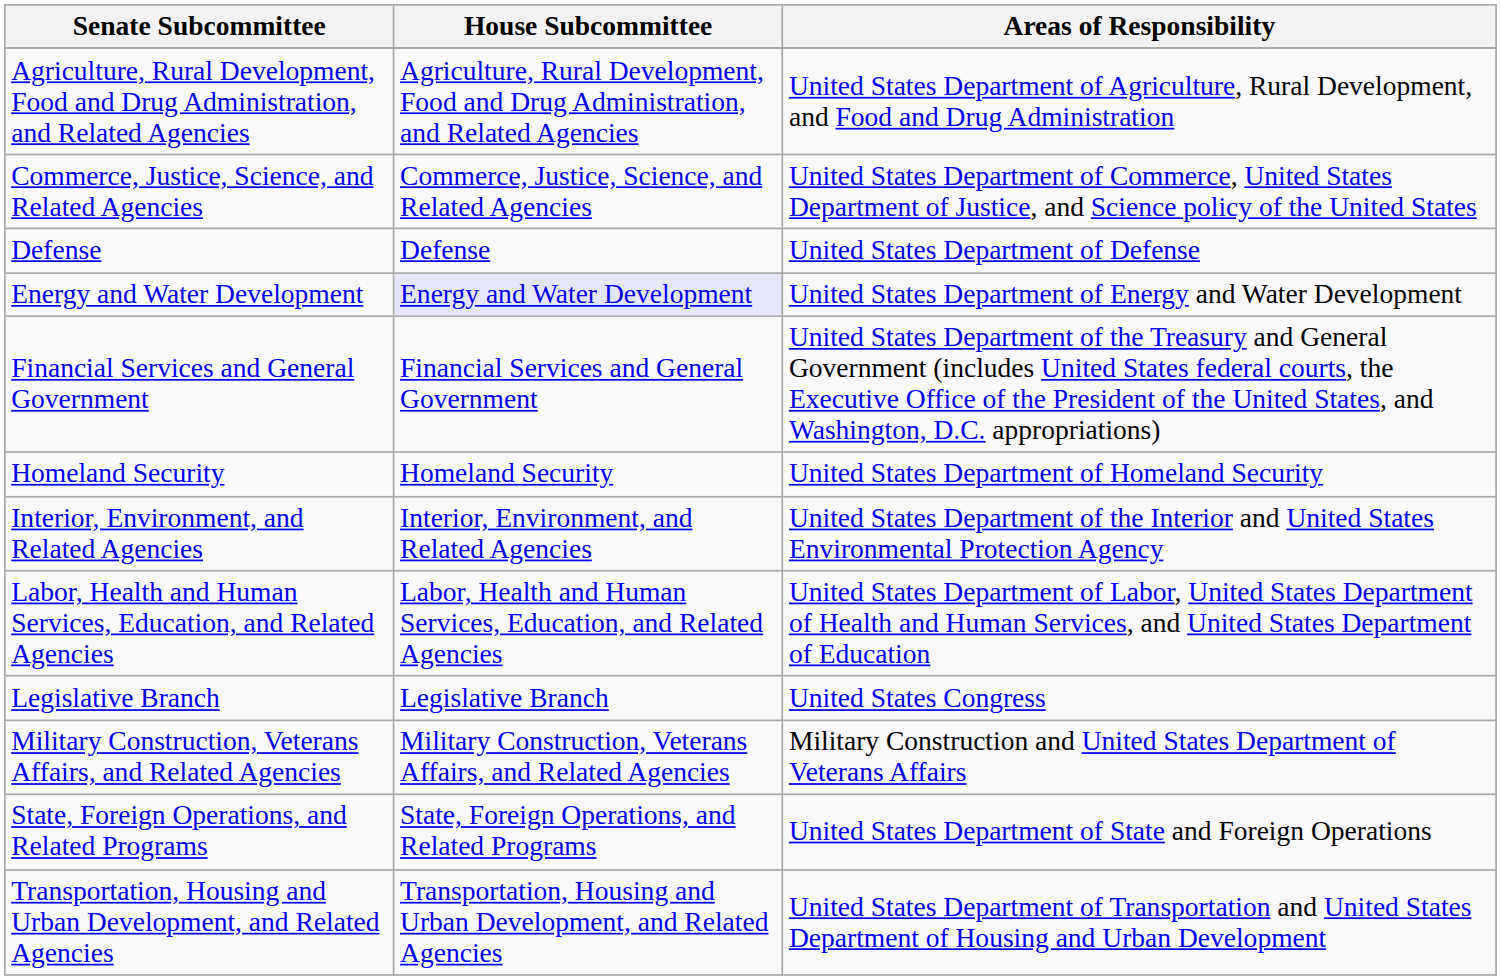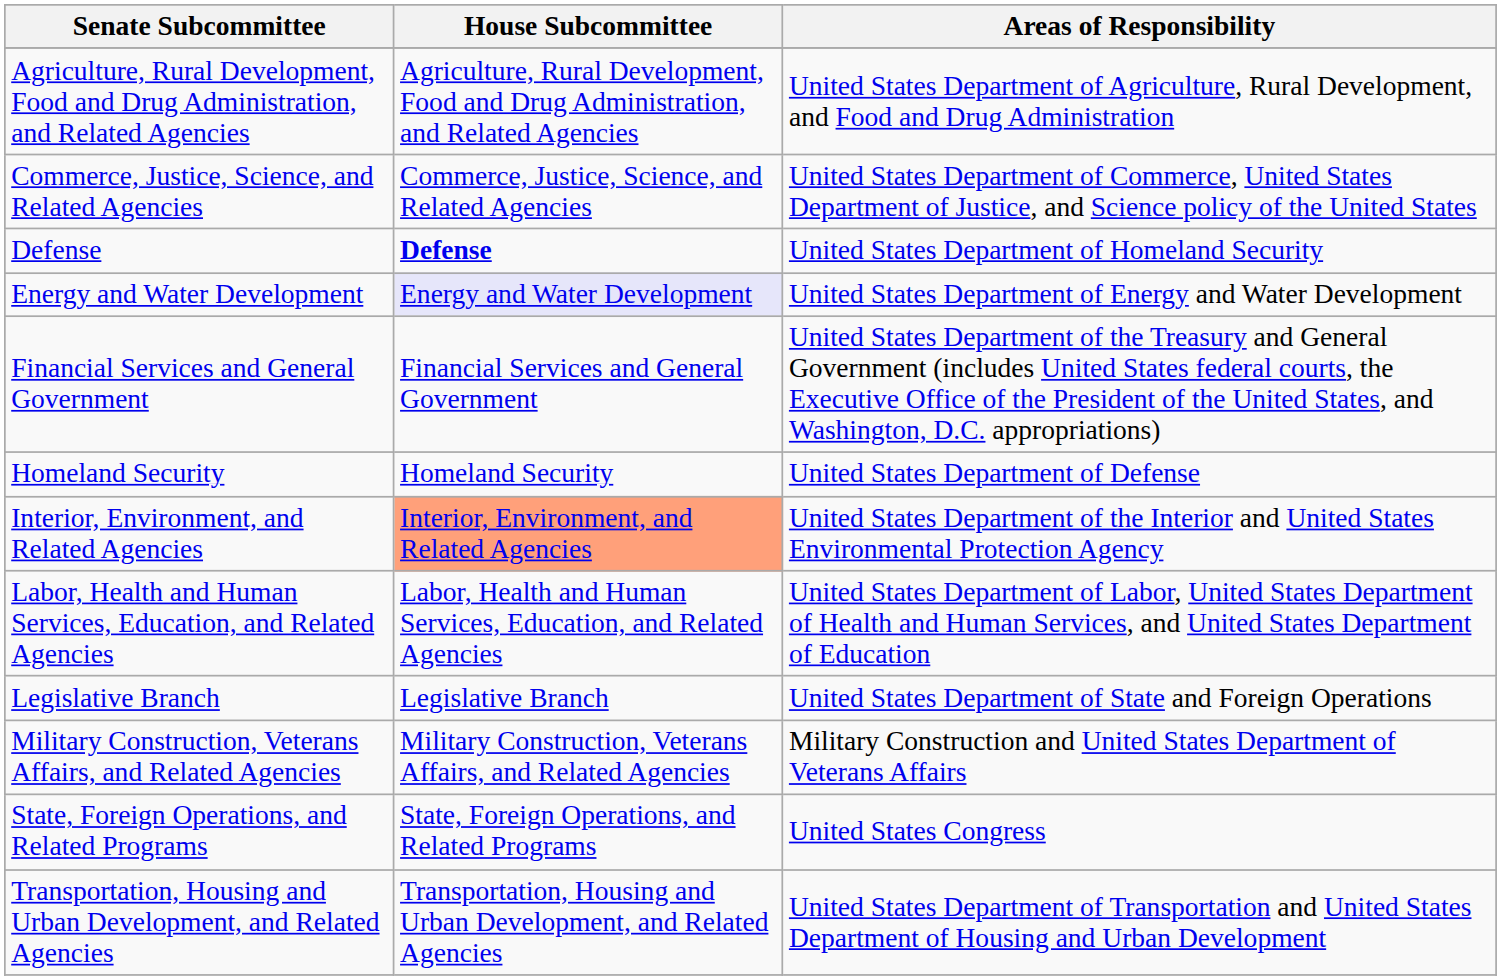 <table class=wikitable>
 <tr valign=bottom>
 <th>Senate Subcommittee</th>
 <th>House Subcommittee</th>
 <th>Areas of Responsibility</th>
 </tr>
 <tr>
 </tr>
 <tr>
 <td><a href='#'>Agriculture, Rural Development, Food and Drug Administration, and Related Agencies</a></td>
 <td><a href='#'>Agriculture, Rural Development, Food and Drug Administration, and Related Agencies</a></td>
 <td><a href='#'>United States Department of Agriculture</a>, Rural Development, and <a href='#'>Food and Drug Administration</a></td>
 </tr>
 <tr>
 <td><a href='#'>Commerce, Justice, Science, and Related Agencies</a></td>
 <td><a href='#'>Commerce, Justice, Science, and Related Agencies</a></td>
 <td><a href='#'>United States Department of Commerce</a>, <a href='#'>United States Department of Justice</a>, and <a href='#'>Science policy of the United States</a></td>
 </tr>
 <tr>
 <td><a href='#'>Defense</a></td>
-<td><a href='#'>Defense</a></td>
-<td><a href='#'>United States Department of Defense</a></td>
+<td><strong><a href='#'>Defense</a></strong></td>
+<td><a href='#'>United States Department of Homeland Security</a></td>
 </tr>
 <tr>
 <td><a href='#'>Energy and Water Development</a></td>
 <td style="background: lavender;"><a href='#'>Energy and Water Development</a></td>
 <td><a href='#'>United States Department of Energy</a> and Water Development</td>
 </tr>
 <tr>
 <td><a href='#'>Financial Services and General Government</a></td>
 <td><a href='#'>Financial Services and General Government</a></td>
 <td><a href='#'>United States Department of the Treasury</a> and General Government (includes <a href='#'>United States federal courts</a>, the <a href='#'>Executive Office of the President of the United States</a>, and <a href='#'>Washington, D.C.</a> appropriations)</td>
 </tr>
 <tr>
 <td><a href='#'>Homeland Security</a></td>
 <td><a href='#'>Homeland Security</a></td>
-<td><a href='#'>United States Department of Homeland Security</a></td>
+<td><a href='#'>United States Department of Defense</a></td>
 </tr>
 <tr>
 <td><a href='#'>Interior, Environment, and Related Agencies</a></td>
-<td><a href='#'>Interior, Environment, and Related Agencies</a></td>
+<td style="background: lightsalmon;"><a href='#'>Interior, Environment, and Related Agencies</a></td>
 <td><a href='#'>United States Department of the Interior</a> and <a href='#'>United States Environmental Protection Agency</a></td>
 </tr>
 <tr>
 <td><a href='#'>Labor, Health and Human Services, Education, and Related Agencies</a></td>
 <td><a href='#'>Labor, Health and Human Services, Education, and Related Agencies</a></td>
 <td><a href='#'>United States Department of Labor</a>, <a href='#'>United States Department of Health and Human Services</a>, and <a href='#'>United States Department of Education</a></td>
 </tr>
 <tr>
 <td><a href='#'>Legislative Branch</a></td>
 <td><a href='#'>Legislative Branch</a></td>
-<td><a href='#'>United States Congress</a></td>
+<td><a href='#'>United States Department of State</a> and Foreign Operations</td>
 </tr>
 <tr>
 <td><a href='#'>Military Construction, Veterans Affairs, and Related Agencies</a></td>
 <td><a href='#'>Military Construction, Veterans Affairs, and Related Agencies</a></td>
 <td>Military Construction and <a href='#'>United States Department of Veterans Affairs</a></td>
 </tr>
 <tr>
 <td><a href='#'>State, Foreign Operations, and Related Programs</a></td>
 <td><a href='#'>State, Foreign Operations, and Related Programs</a></td>
-<td><a href='#'>United States Department of State</a> and Foreign Operations</td>
+<td><a href='#'>United States Congress</a></td>
 </tr>
 <tr>
 <td><a href='#'>Transportation, Housing and Urban Development, and Related Agencies</a></td>
 <td><a href='#'>Transportation, Housing and Urban Development, and Related Agencies</a></td>
 <td><a href='#'>United States Department of Transportation</a> and <a href='#'>United States Department of Housing and Urban Development</a></td>
 </tr>
 </table>
